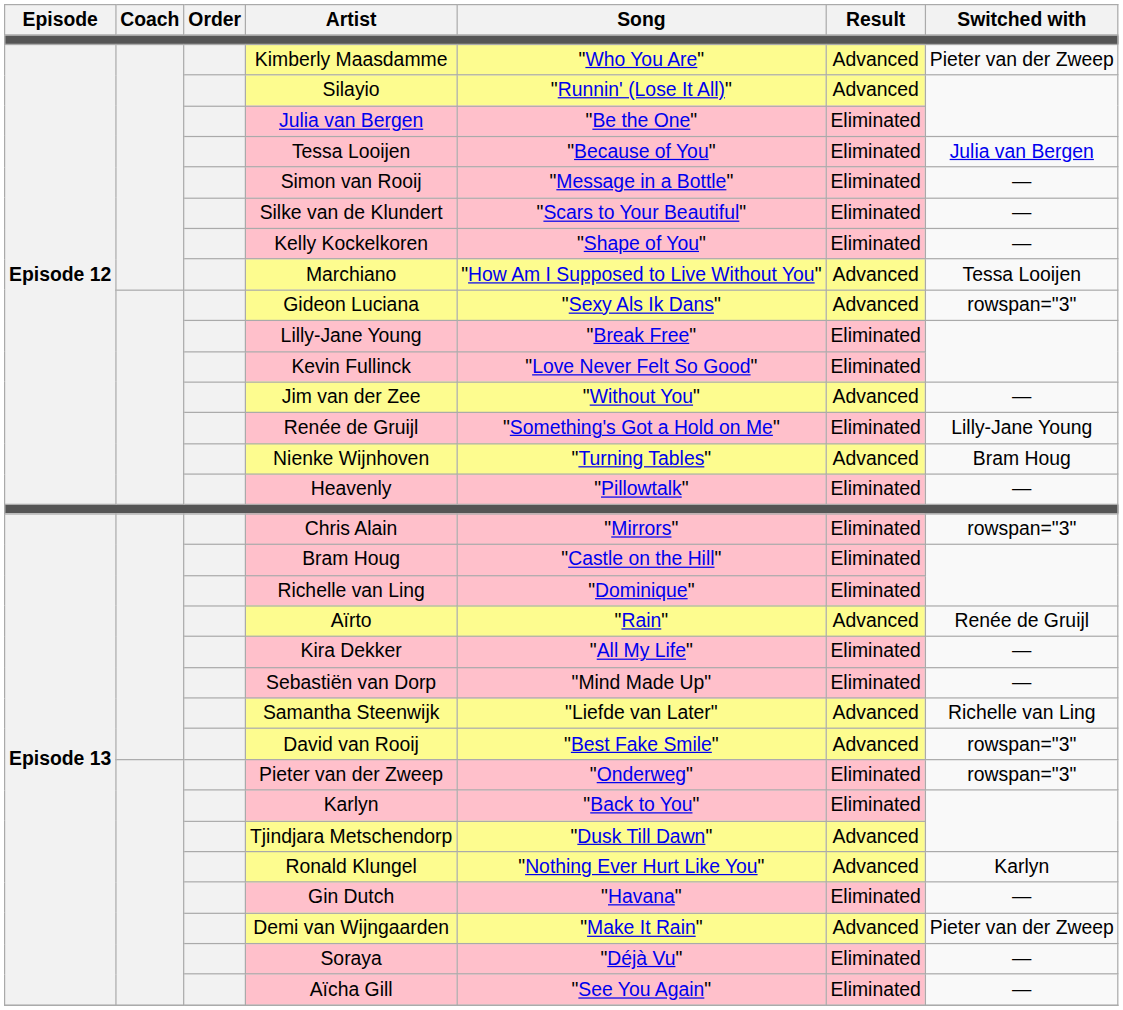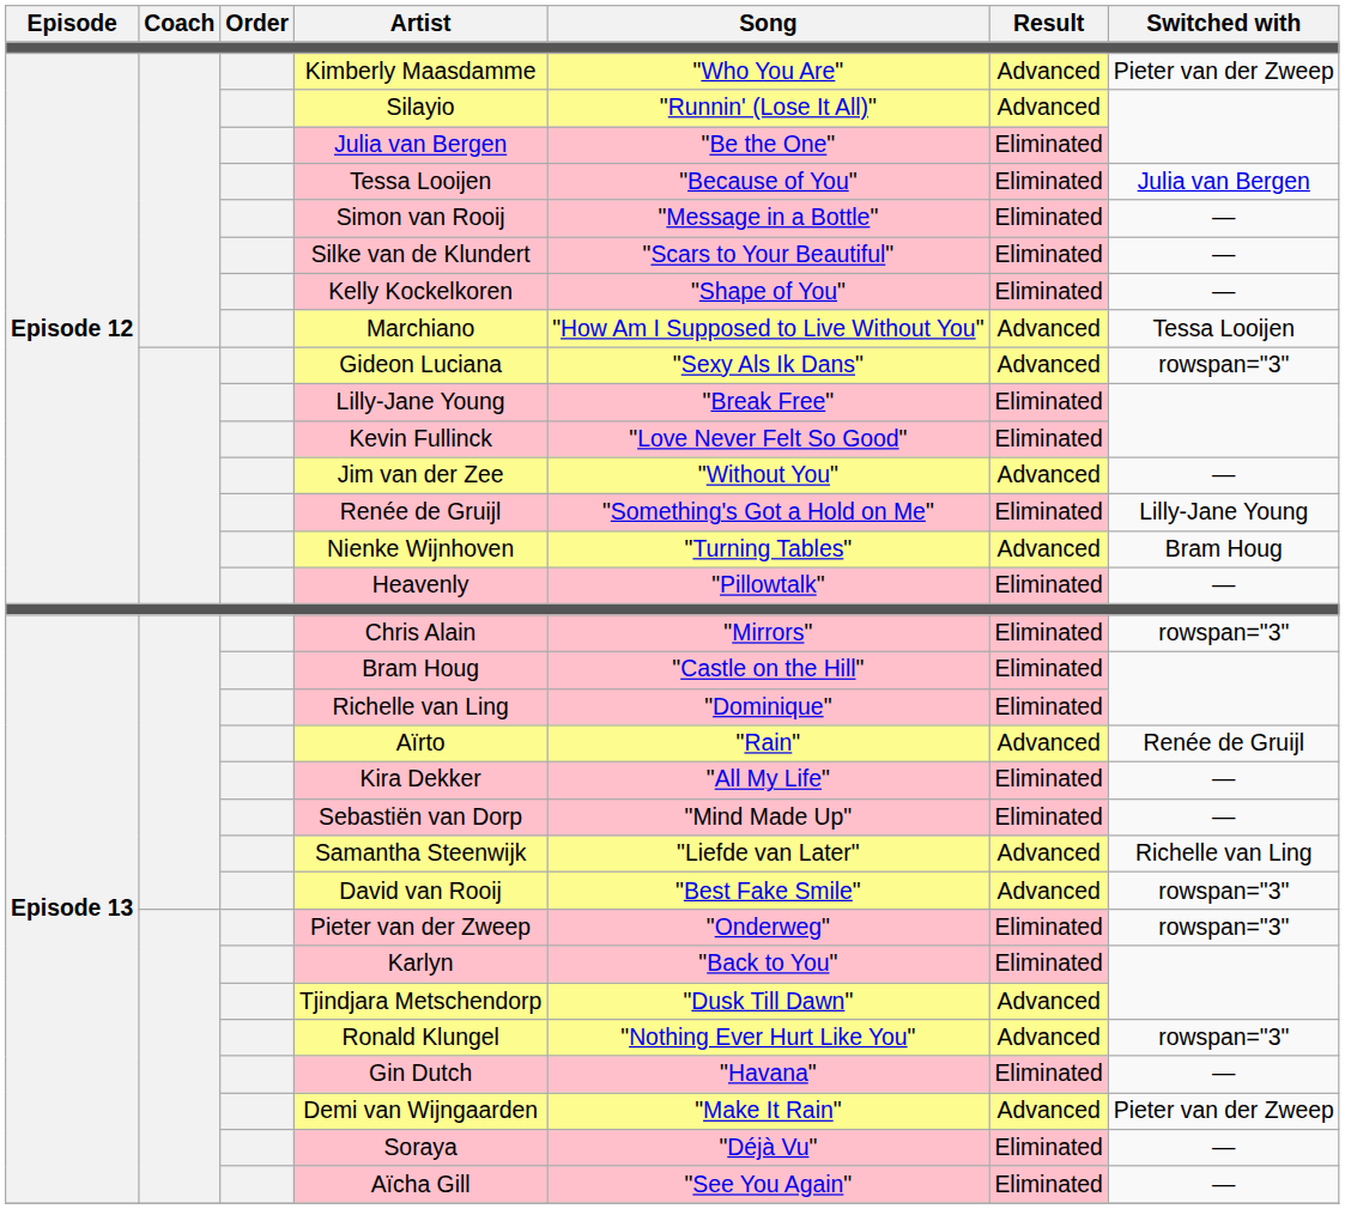 <table class="wikitable plainrowheaders" style="text-align: center;">
 <tr>
 <th scope="col">Episode</th>
 <th>Coach</th>
 <th>Order</th>
 <th>Artist</th>
 <th>Song</th>
 <th>Result</th>
 <th>Switched with</th>
 </tr>
 <tr>
 <td colspan="12" style="background:#555;"></td>
 </tr>
 <tr>
 <th rowspan="15">Episode 12<br><small></small></th>
 <th rowspan="8" scope="row"></th>
 <th scope="row"></th>
 <td style="background:#fdfc8f;">Kimberly Maasdamme</td>
 <td style="background:#fdfc8f;">"<a href='#'>Who You Are</a>"</td>
 <td style="background:#fdfc8f;">Advanced</td>
 <td>Pieter van der Zweep</td>
 </tr>
 <tr>
 <th scope="row"></th>
 <td style="background:#fdfc8f;">Silayio</td>
 <td style="background:#fdfc8f;">"<a href='#'>Runnin' (Lose It All)</a>"</td>
 <td style="background:#fdfc8f;">Advanced</td>
 </tr>
 <tr>
 <th scope="row"></th>
 <td style="background:pink;"><a href='#'>Julia van Bergen</a></td>
 <td style="background:pink;">"<a href='#'>Be the One</a>"</td>
 <td style="background:pink;">Eliminated</td>
 </tr>
 <tr>
 <th scope="row"></th>
 <td style="background:pink;">Tessa Looijen</td>
 <td style="background:pink;">"<a href='#'>Because of You</a>"</td>
 <td style="background:pink;">Eliminated</td>
 <td><a href='#'>Julia van Bergen</a></td>
 </tr>
 <tr>
 <th scope="row"></th>
 <td style="background:pink;">Simon van Rooij</td>
 <td style="background:pink;">"<a href='#'>Message in a Bottle</a>"</td>
 <td style="background:pink;">Eliminated</td>
 <td>—</td>
 </tr>
 <tr>
 <th scope="row"></th>
 <td style="background:pink;">Silke van de Klundert</td>
 <td style="background:pink;">"<a href='#'>Scars to Your Beautiful</a>"</td>
 <td style="background:pink;">Eliminated</td>
 <td>—</td>
 </tr>
 <tr>
 <th scope="row"></th>
 <td style="background:pink;">Kelly Kockelkoren</td>
 <td style="background:pink;">"<a href='#'>Shape of You</a>"</td>
 <td style="background:pink;">Eliminated</td>
 <td>—</td>
 </tr>
 <tr>
 <th scope="row"></th>
 <td style="background:#fdfc8f;">Marchiano</td>
 <td style="background:#fdfc8f;">"<a href='#'>How Am I Supposed to Live Without You</a>"</td>
 <td style="background:#fdfc8f;">Advanced</td>
 <td>Tessa Looijen</td>
 </tr>
 <tr>
 <th rowspan="7" scope="row"></th>
 <th scope="row"></th>
 <td style="background:#fdfc8f;">Gideon Luciana</td>
 <td style="background:#fdfc8f;">"<a href='#'>Sexy Als Ik Dans</a>"</td>
 <td style="background:#fdfc8f;">Advanced</td>
 <td>rowspan="3" </td>
 </tr>
 <tr>
 <th scope="row"></th>
 <td style="background:pink;">Lilly-Jane Young</td>
 <td style="background:pink;">"<a href='#'>Break Free</a>"</td>
 <td style="background:pink;">Eliminated</td>
 </tr>
 <tr>
 <th scope="row"></th>
 <td style="background:pink;">Kevin Fullinck</td>
 <td style="background:pink;">"<a href='#'>Love Never Felt So Good</a>"</td>
 <td style="background:pink;">Eliminated</td>
 </tr>
 <tr>
 <th scope="row"></th>
 <td style="background:#fdfc8f;">Jim van der Zee</td>
 <td style="background:#fdfc8f;">"<a href='#'>Without You</a>"</td>
 <td style="background:#fdfc8f;">Advanced</td>
 <td>—</td>
 </tr>
 <tr>
 <th scope="row"></th>
 <td style="background:pink;">Renée de Gruijl</td>
 <td style="background:pink;">"<a href='#'>Something's Got a Hold on Me</a>"</td>
 <td style="background:pink;">Eliminated</td>
 <td>Lilly-Jane Young</td>
 </tr>
 <tr>
 <th scope="row"></th>
 <td style="background:#fdfc8f;">Nienke Wijnhoven</td>
 <td style="background:#fdfc8f;">"<a href='#'>Turning Tables</a>"</td>
 <td style="background:#fdfc8f;">Advanced</td>
 <td>Bram Houg</td>
 </tr>
 <tr>
 <th scope="row"></th>
 <td style="background:pink;">Heavenly</td>
 <td style="background:pink;">"<a href='#'>Pillowtalk</a>"</td>
 <td style="background:pink;">Eliminated</td>
 <td>—</td>
 </tr>
 <tr>
 <td colspan="10" style="background:#555;"></td>
 </tr>
 <tr>
 <th rowspan="16">Episode 13<br><small></small></th>
 <th rowspan="8" scope="row"></th>
 <th scope="row"></th>
 <td style="background:pink;">Chris Alain</td>
 <td style="background:pink;">"<a href='#'>Mirrors</a>"</td>
 <td style="background:pink;">Eliminated</td>
 <td>rowspan="3" </td>
 </tr>
 <tr>
 <th scope="row"></th>
 <td style="background:pink;">Bram Houg</td>
 <td style="background:pink;">"<a href='#'>Castle on the Hill</a>"</td>
 <td style="background:pink;">Eliminated</td>
 </tr>
 <tr>
 <th scope="row"></th>
 <td style="background:pink;">Richelle van Ling</td>
 <td style="background:pink;">"<a href='#'>Dominique</a>"</td>
 <td style="background:pink;">Eliminated</td>
 </tr>
 <tr>
 <th scope="row"></th>
 <td style="background:#fdfc8f;">Aïrto</td>
 <td style="background:#fdfc8f;">"<a href='#'>Rain</a>"</td>
 <td style="background:#fdfc8f;">Advanced</td>
 <td>Renée de Gruijl</td>
 </tr>
 <tr>
 <th scope="row"></th>
 <td style="background:pink;">Kira Dekker</td>
 <td style="background:pink;">"<a href='#'>All My Life</a>"</td>
 <td style="background:pink;">Eliminated</td>
 <td>—</td>
 </tr>
 <tr>
 <th scope="row"></th>
 <td style="background:pink;">Sebastiën van Dorp</td>
 <td style="background:pink;">"Mind Made Up"</td>
 <td style="background:pink;">Eliminated</td>
 <td>—</td>
 </tr>
 <tr>
 <th scope="row"></th>
 <td style="background:#fdfc8f;">Samantha Steenwijk</td>
 <td style="background:#fdfc8f;">"Liefde van Later"</td>
 <td style="background:#fdfc8f;">Advanced</td>
 <td>Richelle van Ling</td>
 </tr>
 <tr>
 <th scope="row"></th>
 <td style="background:#fdfc8f;">David van Rooij</td>
 <td style="background:#fdfc8f;">"<a href='#'>Best Fake Smile</a>"</td>
 <td style="background:#fdfc8f;">Advanced</td>
 <td>rowspan="3" </td>
 </tr>
 <tr>
 <th rowspan="8" scope="row"></th>
 <th scope="row"></th>
 <td style="background:pink;">Pieter van der Zweep</td>
 <td style="background:pink;">"<a href='#'>Onderweg</a>"</td>
 <td style="background:pink;">Eliminated</td>
 <td>rowspan="3" </td>
 </tr>
 <tr>
 <th scope="row"></th>
 <td style="background:pink;">Karlyn</td>
 <td style="background:pink;">"<a href='#'>Back to You</a>"</td>
 <td style="background:pink;">Eliminated</td>
 </tr>
 <tr>
 <th scope="row"></th>
 <td style="background:#fdfc8f;">Tjindjara Metschendorp</td>
 <td style="background:#fdfc8f;">"<a href='#'>Dusk Till Dawn</a>"</td>
 <td style="background:#fdfc8f;">Advanced</td>
 </tr>
 <tr>
 <th scope="row"></th>
 <td style="background:#fdfc8f;">Ronald Klungel</td>
 <td style="background:#fdfc8f;">"<a href='#'>Nothing Ever Hurt Like You</a>"</td>
 <td style="background:#fdfc8f;">Advanced</td>
-<td>Karlyn</td>
+<td>rowspan="3" </td>
 </tr>
 <tr>
 <th scope="row"></th>
 <td style="background:pink;">Gin Dutch</td>
 <td style="background:pink;">"<a href='#'>Havana</a>"</td>
 <td style="background:pink;">Eliminated</td>
 <td>—</td>
 </tr>
 <tr>
 <th scope="row"></th>
 <td style="background:#fdfc8f;">Demi van Wijngaarden</td>
 <td style="background:#fdfc8f;">"<a href='#'>Make It Rain</a>"</td>
 <td style="background:#fdfc8f;">Advanced</td>
 <td>Pieter van der Zweep</td>
 </tr>
 <tr>
 <th scope="row"></th>
 <td style="background:pink;">Soraya</td>
 <td style="background:pink;">"<a href='#'>Déjà Vu</a>"</td>
 <td style="background:pink;">Eliminated</td>
 <td>—</td>
 </tr>
 <tr>
 <th scope="row"></th>
 <td style="background:pink;">Aïcha Gill</td>
 <td style="background:pink;">"<a href='#'>See You Again</a>"</td>
 <td style="background:pink;">Eliminated</td>
 <td>—</td>
 </tr>
 <tr>
 </tr>
 </table>
